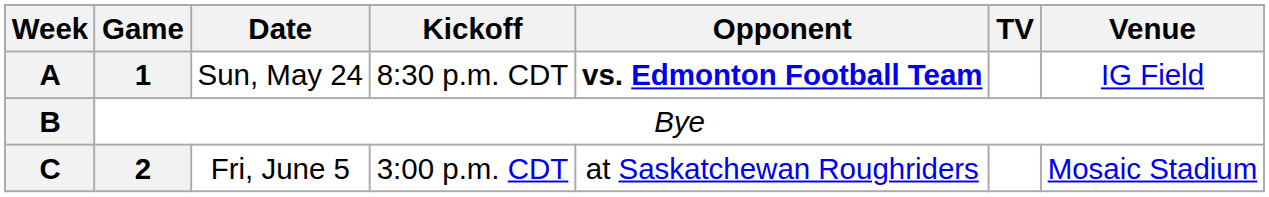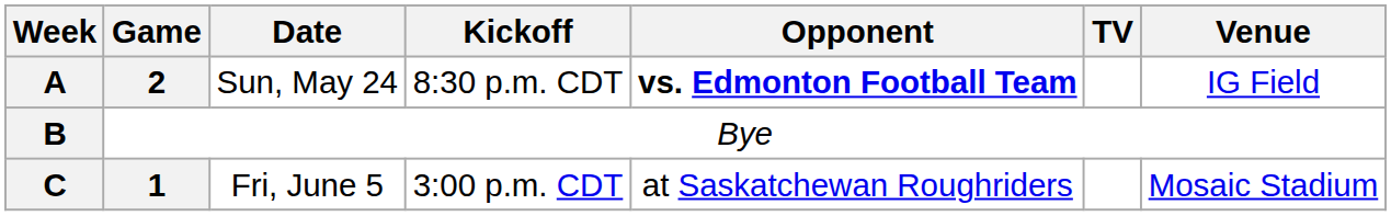 <table class="wikitable" style="font-size: 95%;">
 <tr>
 <th scope="col">Week</th>
 <th scope="col">Game</th>
 <th scope="col">Date</th>
 <th scope="col">Kickoff</th>
 <th scope="col">Opponent</th>
 <th scope="col">TV</th>
 <th scope="col">Venue</th>
 </tr>
 <tr align="center"= bgcolor="ffffff">
 <th align="center">A</th>
-<th align="center">1</th>
+<th align="center">2</th>
 <td align="center">Sun, May 24</td>
 <td align="center">8:30 p.m. CDT</td>
 <td align="center"><strong>vs. <a href='#'>Edmonton Football Team</a></strong></td>
 <td align="center"></td>
 <td align="center"><a href='#'>IG Field</a></td>
 </tr>
 <tr align="center"= bgcolor="ffffff">
 <th align="center">B</th>
 <td colspan=10 align="center" valign="middle"><em>Bye</em></td>
 </tr>
 <tr align="center"= bgcolor="ffffff">
 <th align="center">C</th>
-<th align="center">2</th>
+<th align="center">1</th>
 <td align="center">Fri, June 5</td>
 <td align="center">3:00 p.m. <a href='#'>CDT</a></td>
 <td align="center">at <a href='#'>Saskatchewan Roughriders</a></td>
 <td align="center"></td>
 <td align="center"><a href='#'>Mosaic Stadium</a></td>
 </tr>
 </table>
